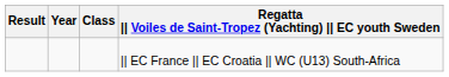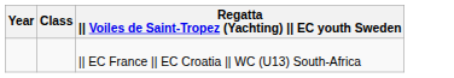 <table class="wikitable">
 <tr>
-<th>Result</th>
 <th>Year</th>
 <th>Class</th>
 <th>Regatta<br> || <a href='#'>Voiles de Saint-Tropez</a> (Yachting) || EC youth Sweden</th>
 </tr>
 <tr>
 <td></td>
 <td></td>
-<td></td>
 <td><br> || EC France  || EC Croatia  || WC (U13) South-Africa</td>
 </tr>
 </table>
